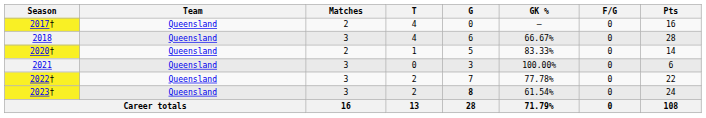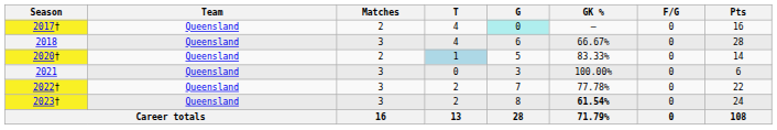 <table class="wikitable sortable"  style="font-size:90%; text-align:center; width:80%;">
 <tr>
 <th width=2%>Season</th>
 <th width=8%>Team</th>
 <th width=2%>Matches</th>
 <th width=2%>T</th>
 <th width=2%>G</th>
 <th width=2%>GK %</th>
 <th width=2%>F/G</th>
 <th width=2%>Pts</th>
 </tr>
 <tr>
 <th scope="row" style="text-align:center;background:#f9f025; font-weight:normal"><a href='#'>2017</a>†</th>
 <td style="text-align:center;"> <a href='#'>Queensland</a></td>
 <td>2</td>
 <td>4</td>
-<td>0</td>
+<td style="background: paleturquoise;">0</td>
 <td>—</td>
 <td>0</td>
 <td>16</td>
 </tr>
 <tr style="background:#eaeaea;">
 <th scope="row" style="text-align:center; font-weight:normal"><a href='#'>2018</a></th>
 <td style="text-align:center;"> <a href='#'>Queensland</a></td>
 <td>3</td>
 <td>4</td>
 <td>6</td>
 <td>66.67%</td>
 <td>0</td>
 <td>28</td>
 </tr>
 <tr>
 <th scope="row" style="text-align:center;background:#f9f025; font-weight:normal"><a href='#'>2020</a>†</th>
 <td style="text-align:center;"> <a href='#'>Queensland</a></td>
 <td>2</td>
-<td>1</td>
+<td style="background: lightblue;">1</td>
 <td>5</td>
 <td>83.33%</td>
 <td>0</td>
 <td>14</td>
 </tr>
 <tr style="background:#eaeaea;">
 <th scope="row" style="text-align:center; font-weight:normal"><a href='#'>2021</a></th>
 <td style="text-align:center;"> <a href='#'>Queensland</a></td>
 <td>3</td>
 <td>0</td>
 <td>3</td>
 <td>100.00%</td>
 <td>0</td>
 <td>6</td>
 </tr>
 <tr>
 <th scope="row" style="text-align:center;background:#f9f025; font-weight:normal"><a href='#'>2022</a>†</th>
 <td style="text-align:center;"> <a href='#'>Queensland</a></td>
 <td>3</td>
 <td>2</td>
 <td>7</td>
 <td>77.78%</td>
 <td>0</td>
 <td>22</td>
 </tr>
 <tr style="background:#eaeaea;">
 <th scope="row" style="text-align:center;background:#f9f025; font-weight:normal"><a href='#'>2023</a>†</th>
 <td> <a href='#'>Queensland</a></td>
 <td>3</td>
 <td>2</td>
-<td><strong>8</strong></td>
-<td>61.54%</td>
+<td>8</td>
+<td><strong>61.54%</strong></td>
 <td>0</td>
 <td>24</td>
 </tr>
 <tr class="sortbottom">
 <th colspan=2>Career totals</th>
 <th>16</th>
 <th>13</th>
 <th>28</th>
 <th>71.79%</th>
 <th>0</th>
 <th>108</th>
 </tr>
 </table>
